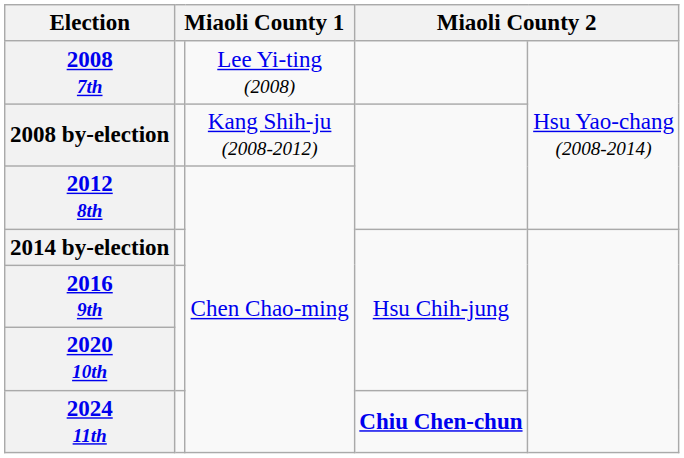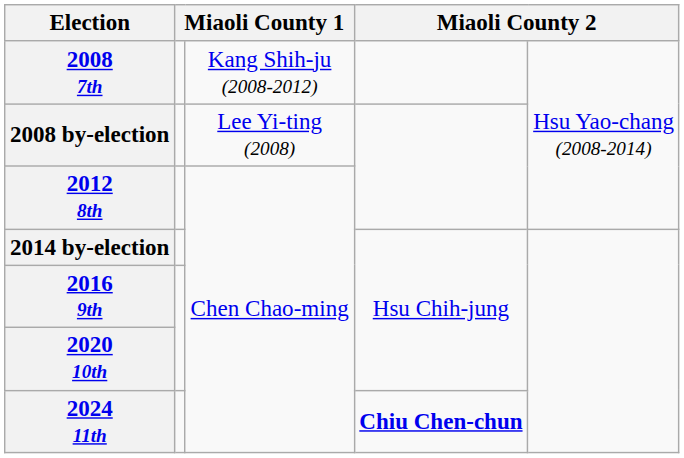 <table class="wikitable" align="center" style="text-align:center">
 <tr>
 <th>Election</th>
 <th colspan=2 width="80px">Miaoli County 1</th>
 <th colspan=2 width="80px">Miaoli County 2</th>
 </tr>
 <tr>
 <th><a href='#'>2008</a><br><small><em><a href='#'>7th</a></em></small><br></th>
 <td style="color:inherit;background:"></td>
-<td><a href='#'>Lee Yi-ting</a><br><small><em>(2008)</em></small><br></td>
+<td><a href='#'>Kang Shih-ju</a><br><small><em>(2008-2012)</em></small><br></td>
 <td style="color:inherit;background:"></td>
 <td rowspan=3><a href='#'>Hsu Yao-chang</a><br><small><em>(2008-2014)</em></small></td>
 </tr>
 <tr>
 <th>2008 by-election</th>
 <td style="color:inherit;background:"></td>
-<td><a href='#'>Kang Shih-ju</a><br><small><em>(2008-2012)</em></small><br></td>
+<td><a href='#'>Lee Yi-ting</a><br><small><em>(2008)</em></small><br></td>
 </tr>
 <tr>
 <th><a href='#'>2012</a><br><small><em><a href='#'>8th</a></em></small><br></th>
 <td style="color:inherit;background:"></td>
 <td rowspan=5><a href='#'>Chen Chao-ming</a></td>
 </tr>
 <tr>
 <th>2014 by-election</th>
 <td style="color:inherit;background:"></td>
 <td rowspan=3><a href='#'>Hsu Chih-jung</a></td>
 </tr>
 <tr>
 <th><a href='#'>2016</a><br><small><em><a href='#'>9th</a></em></small><br></th>
 </tr>
 <tr>
 <th><a href='#'>2020</a><br><small><em><a href='#'>10th</a></em></small><br></th>
 </tr>
 <tr>
 <th><a href='#'>2024</a><br><small><em><a href='#'>11th</a></em></small><br></th>
 <td style="color:inherit;background:"></td>
 <td><strong><a href='#'>Chiu Chen-chun</a></strong></td>
 </tr>
 </table>
